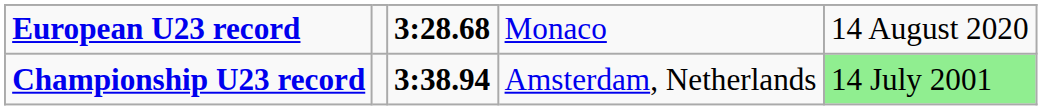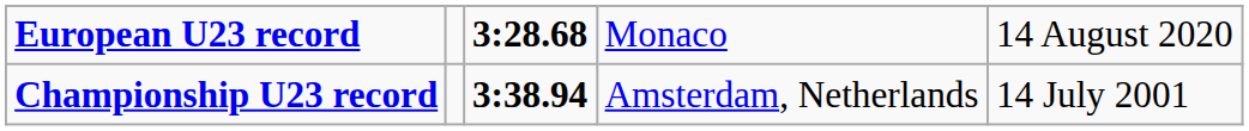 <table class="wikitable">
 <tr>
 <td><strong><a href='#'>European U23 record</a></strong></td>
 <td></td>
 <td><strong>3:28.68</strong></td>
 <td><a href='#'>Monaco</a></td>
 <td>14 August 2020</td>
 </tr>
 <tr>
 <td><strong><a href='#'>Championship U23 record</a></strong></td>
 <td></td>
 <td><strong>3:38.94</strong></td>
 <td><a href='#'>Amsterdam</a>, Netherlands</td>
-<td style="background: lightgreen;">14 July 2001</td>
+<td>14 July 2001</td>
 </tr>
 </table>
